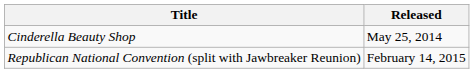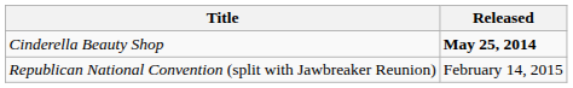 <table class="wikitable">
 <tr>
 <th>Title</th>
 <th>Released</th>
 </tr>
 <tr>
 <td><em>Cinderella Beauty Shop</em></td>
-<td>May 25, 2014</td>
+<td><strong>May 25, 2014</strong></td>
 </tr>
 <tr>
 <td><em>Republican National Convention</em> (split with Jawbreaker Reunion)</td>
 <td>February 14, 2015</td>
 </tr>
 </table>
